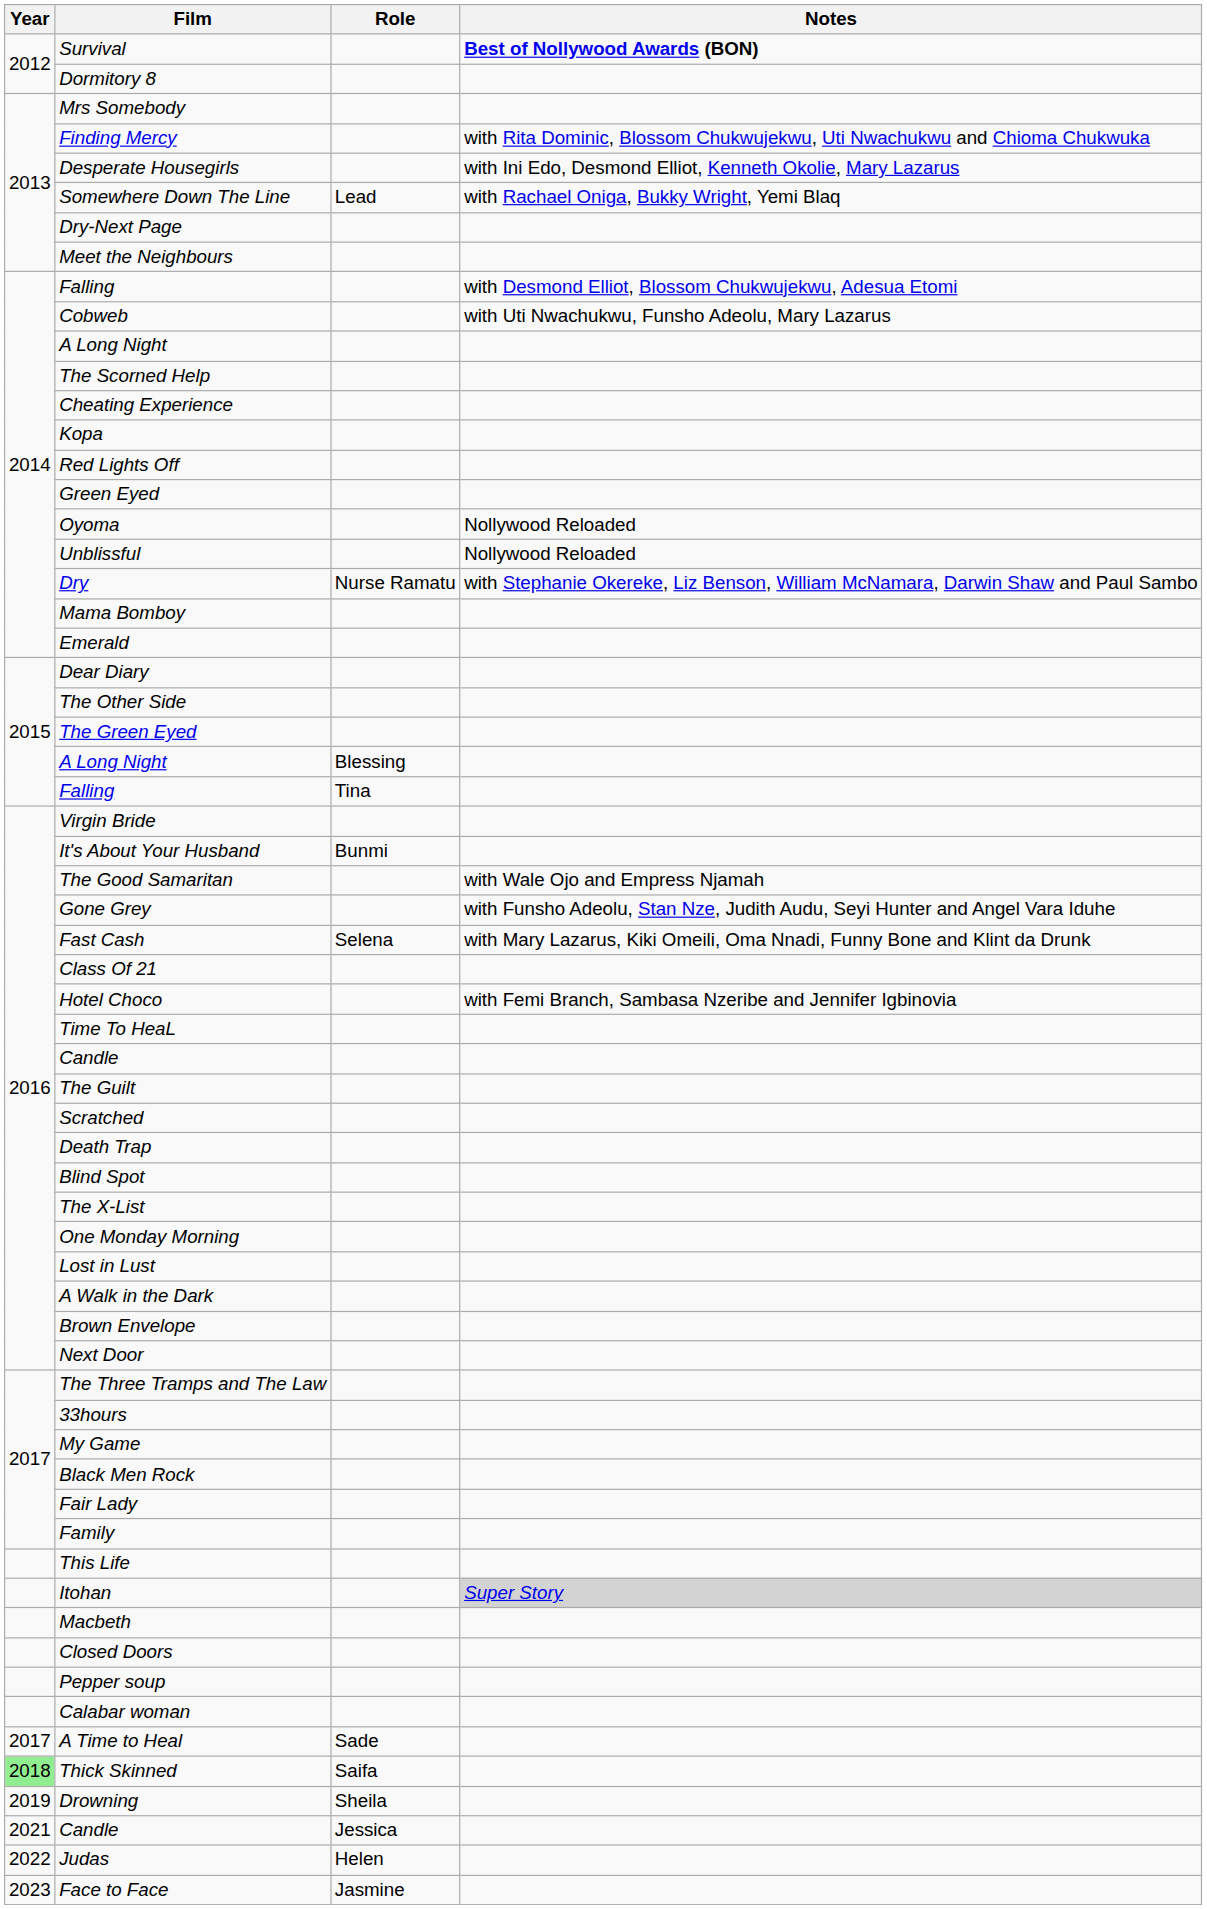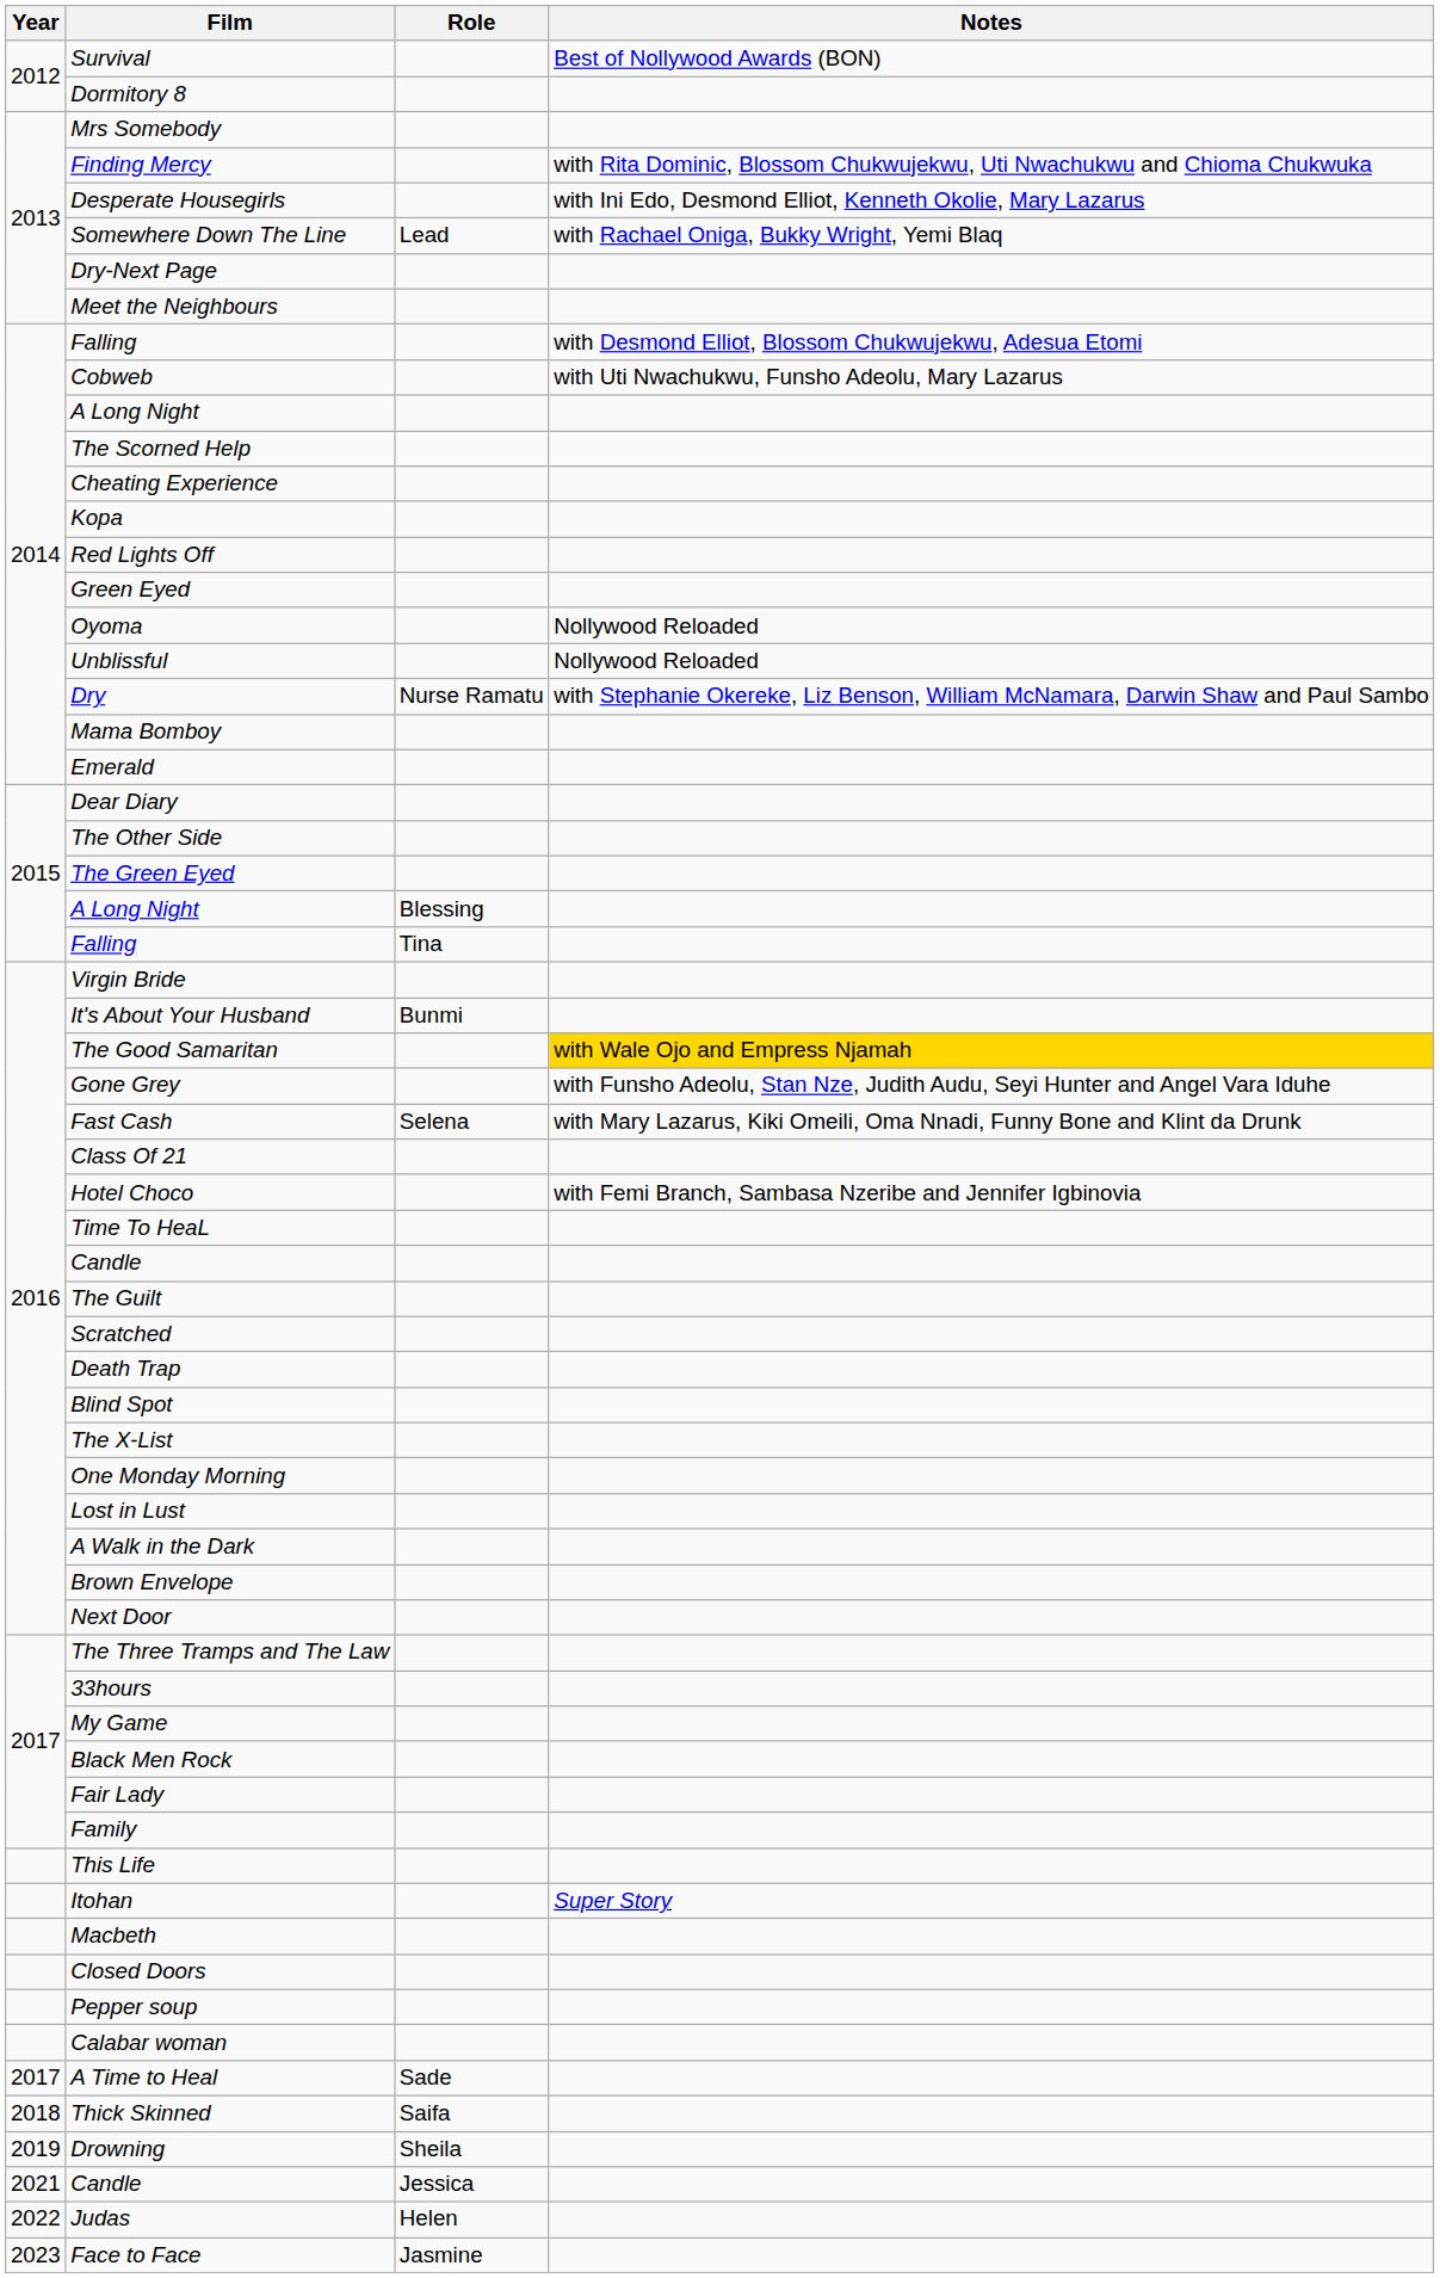 <table class="wikitable">
 <tr>
 <th>Year</th>
 <th>Film</th>
 <th>Role</th>
 <th>Notes</th>
 </tr>
 <tr>
 <td rowspan="2">2012</td>
 <td><em>Survival</em></td>
 <td></td>
-<td><strong><a href='#'>Best of Nollywood Awards</a> (BON)</strong></td>
+<td><a href='#'>Best of Nollywood Awards</a> (BON)</td>
 </tr>
 <tr>
 <td><em>Dormitory 8</em></td>
 <td></td>
 <td></td>
 </tr>
 <tr>
 <td rowspan="6">2013</td>
 <td><em>Mrs Somebody</em></td>
 <td></td>
 <td></td>
 </tr>
 <tr>
 <td><em><a href='#'>Finding Mercy</a></em></td>
 <td></td>
 <td>with <a href='#'>Rita Dominic</a>, <a href='#'>Blossom Chukwujekwu</a>, <a href='#'>Uti Nwachukwu</a> and <a href='#'>Chioma Chukwuka</a></td>
 </tr>
 <tr>
 <td><em>Desperate Housegirls</em></td>
 <td></td>
 <td>with Ini Edo, Desmond Elliot, <a href='#'>Kenneth Okolie</a>, <a href='#'>Mary Lazarus</a></td>
 </tr>
 <tr>
 <td><em>Somewhere Down The Line</em></td>
 <td>Lead</td>
 <td>with <a href='#'>Rachael Oniga</a>, <a href='#'>Bukky Wright</a>, Yemi Blaq</td>
 </tr>
 <tr>
 <td><em>Dry-Next Page</em></td>
 <td></td>
 <td></td>
 </tr>
 <tr>
 <td><em>Meet the Neighbours</em></td>
 <td></td>
 <td></td>
 </tr>
 <tr>
 <td rowspan="13">2014</td>
 <td><em>Falling</em></td>
 <td></td>
 <td>with <a href='#'>Desmond Elliot</a>, <a href='#'>Blossom Chukwujekwu</a>, <a href='#'>Adesua Etomi</a></td>
 </tr>
 <tr>
 <td><em>Cobweb</em></td>
 <td></td>
 <td>with Uti Nwachukwu, Funsho Adeolu, Mary Lazarus</td>
 </tr>
 <tr>
 <td><em>A Long Night</em></td>
 <td></td>
 <td></td>
 </tr>
 <tr>
 <td><em>The Scorned Help</em></td>
 <td></td>
 <td></td>
 </tr>
 <tr>
 <td><em>Cheating Experience</em></td>
 <td></td>
 <td></td>
 </tr>
 <tr>
 <td><em>Kopa</em></td>
 <td></td>
 <td></td>
 </tr>
 <tr>
 <td><em>Red Lights Off</em></td>
 <td></td>
 <td></td>
 </tr>
 <tr>
 <td><em>Green Eyed</em></td>
 <td></td>
 <td></td>
 </tr>
 <tr>
 <td><em>Oyoma</em></td>
 <td></td>
 <td>Nollywood Reloaded</td>
 </tr>
 <tr>
 <td><em>Unblissful</em></td>
 <td></td>
 <td>Nollywood Reloaded</td>
 </tr>
 <tr>
 <td><em><a href='#'>Dry</a></em></td>
 <td>Nurse Ramatu</td>
 <td>with <a href='#'>Stephanie Okereke</a>, <a href='#'>Liz Benson</a>, <a href='#'>William McNamara</a>, <a href='#'>Darwin Shaw</a> and Paul Sambo</td>
 </tr>
 <tr>
 <td><em>Mama Bomboy</em></td>
 <td></td>
 <td></td>
 </tr>
 <tr>
 <td><em>Emerald</em></td>
 <td></td>
 <td></td>
 </tr>
 <tr>
 <td rowspan="5">2015</td>
 <td><em>Dear Diary</em></td>
 <td></td>
 <td></td>
 </tr>
 <tr>
 <td><em>The Other Side</em></td>
 <td></td>
 <td></td>
 </tr>
 <tr>
 <td><em><a href='#'>The Green Eyed</a></em></td>
 <td></td>
 <td></td>
 </tr>
 <tr>
 <td><em><a href='#'>A Long Night</a></em></td>
 <td>Blessing</td>
 <td></td>
 </tr>
 <tr>
 <td><a href='#'><em>Falling</em></a></td>
 <td>Tina</td>
 <td></td>
 </tr>
 <tr>
 <td rowspan="19">2016</td>
 <td><em>Virgin Bride</em></td>
 <td></td>
 <td></td>
 </tr>
 <tr>
 <td><em>It's About Your Husband</em></td>
 <td>Bunmi</td>
 <td></td>
 </tr>
 <tr>
 <td><em>The Good Samaritan</em></td>
 <td></td>
-<td>with Wale Ojo and Empress Njamah</td>
+<td style="background: gold;">with Wale Ojo and Empress Njamah</td>
 </tr>
 <tr>
 <td><em>Gone Grey</em></td>
 <td></td>
 <td>with Funsho Adeolu, <a href='#'>Stan Nze</a>, Judith Audu, Seyi Hunter and Angel Vara Iduhe</td>
 </tr>
 <tr>
 <td><em>Fast Cash</em></td>
 <td>Selena</td>
 <td>with Mary Lazarus, Kiki Omeili, Oma Nnadi, Funny Bone and Klint da Drunk</td>
 </tr>
 <tr>
 <td><em>Class Of 21</em></td>
 <td></td>
 <td></td>
 </tr>
 <tr>
 <td><em>Hotel Choco</em></td>
 <td></td>
 <td>with Femi Branch, Sambasa Nzeribe and Jennifer Igbinovia</td>
 </tr>
 <tr>
 <td><em>Time To HeaL</em></td>
 <td></td>
 <td></td>
 </tr>
 <tr>
 <td><em>Candle</em></td>
 <td></td>
 <td></td>
 </tr>
 <tr>
 <td><em>The Guilt</em></td>
 <td></td>
 <td></td>
 </tr>
 <tr>
 <td><em>Scratched</em></td>
 <td></td>
 <td></td>
 </tr>
 <tr>
 <td><em>Death Trap</em></td>
 <td></td>
 <td></td>
 </tr>
 <tr>
 <td><em>Blind Spot</em></td>
 <td></td>
 <td></td>
 </tr>
 <tr>
 <td><em>The X-List</em></td>
 <td></td>
 <td></td>
 </tr>
 <tr>
 <td><em>One Monday Morning</em></td>
 <td></td>
 <td></td>
 </tr>
 <tr>
 <td><em>Lost in Lust</em></td>
 <td></td>
 <td></td>
 </tr>
 <tr>
 <td><em>A Walk in the Dark</em></td>
 <td></td>
 <td></td>
 </tr>
 <tr>
 <td><em>Brown Envelope</em></td>
 <td></td>
 <td></td>
 </tr>
 <tr>
 <td><em>Next Door</em></td>
 <td></td>
 <td></td>
 </tr>
 <tr>
 <td rowspan="6">2017</td>
 <td><em>The Three Tramps and The Law</em></td>
 <td></td>
 <td></td>
 </tr>
 <tr>
 <td><em>33hours</em></td>
 <td></td>
 <td></td>
 </tr>
 <tr>
 <td><em>My Game</em></td>
 <td></td>
 <td></td>
 </tr>
 <tr>
 <td><em>Black Men Rock</em></td>
 <td></td>
 <td></td>
 </tr>
 <tr>
 <td><em>Fair Lady</em></td>
 <td></td>
 <td></td>
 </tr>
 <tr>
 <td><em>Family</em></td>
 <td></td>
 <td></td>
 </tr>
 <tr>
 <td></td>
 <td><em>This Life</em></td>
 <td></td>
 <td></td>
 </tr>
 <tr>
 <td></td>
 <td><em>Itohan</em></td>
 <td></td>
-<td style="background: lightgrey;"><em><a href='#'>Super Story</a></em></td>
+<td><em><a href='#'>Super Story</a></em></td>
 </tr>
 <tr>
 <td></td>
 <td><em>Macbeth</em></td>
 <td></td>
 <td></td>
 </tr>
 <tr>
 <td></td>
 <td><em>Closed Doors</em></td>
 <td></td>
 <td></td>
 </tr>
 <tr>
 <td></td>
 <td><em>Pepper soup</em></td>
 <td></td>
 <td></td>
 </tr>
 <tr>
 <td></td>
 <td><em>Calabar woman</em></td>
 <td></td>
 <td></td>
 </tr>
 <tr>
 <td>2017</td>
 <td><em>A Time to Heal</em></td>
 <td>Sade</td>
 <td></td>
 </tr>
 <tr>
-<td style="background: lightgreen;">2018</td>
+<td>2018</td>
 <td><em>Thick Skinned</em></td>
 <td>Saifa</td>
 <td></td>
 </tr>
 <tr>
 <td>2019</td>
 <td><em>Drowning</em></td>
 <td>Sheila</td>
 <td></td>
 </tr>
 <tr>
 <td>2021</td>
 <td><em>Candle</em></td>
 <td>Jessica</td>
 <td></td>
 </tr>
 <tr>
 <td>2022</td>
 <td><em>Judas</em></td>
 <td>Helen</td>
 <td></td>
 </tr>
 <tr>
 <td>2023</td>
 <td><em>Face to Face</em></td>
 <td>Jasmine</td>
 <td></td>
 </tr>
 </table>
